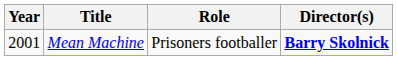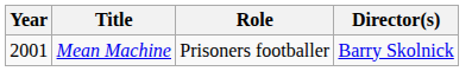 <table class="wikitable">
 <tr style="background:#b0c4de; text-align:center;">
 <th>Year</th>
 <th>Title</th>
 <th>Role</th>
 <th>Director(s)</th>
 </tr>
 <tr>
 <td>2001</td>
 <td><em><a href='#'>Mean Machine</a></em></td>
 <td>Prisoners footballer</td>
-<td><strong><a href='#'>Barry Skolnick</a></strong></td>
+<td><a href='#'>Barry Skolnick</a></td>
 </tr>
 </table>
